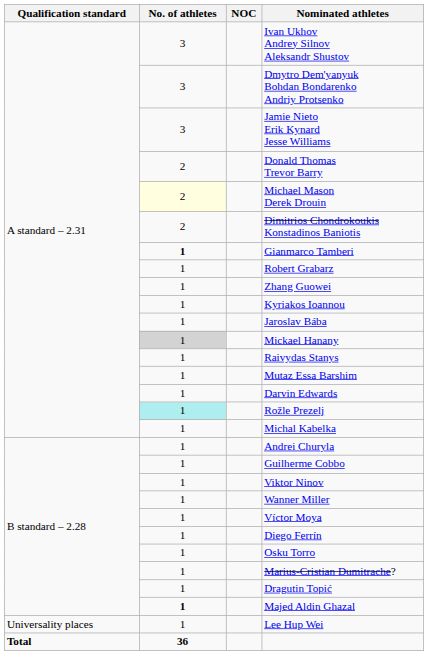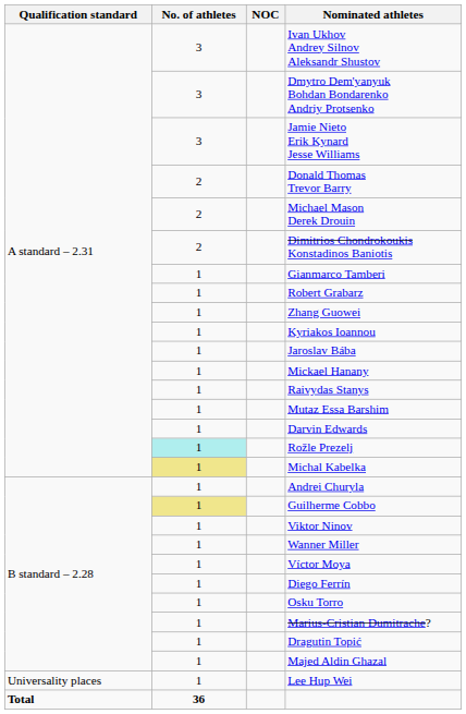 <table class="wikitable"  style="text-align:left; width:600px;">
 <tr>
 <th>Qualification standard</th>
 <th>No. of athletes</th>
 <th>NOC</th>
 <th>Nominated athletes</th>
 </tr>
 <tr>
 <td rowspan="17">A standard – 2.31</td>
 <td align=center>3</td>
 <td></td>
 <td><a href='#'>Ivan Ukhov</a><br><a href='#'>Andrey Silnov</a><br><a href='#'>Aleksandr Shustov</a></td>
 </tr>
 <tr>
 <td align=center>3</td>
 <td></td>
 <td><a href='#'>Dmytro Dem'yanyuk</a><br><a href='#'>Bohdan Bondarenko</a><br><a href='#'>Andriy Protsenko</a></td>
 </tr>
 <tr>
 <td align=center>3</td>
 <td></td>
 <td><a href='#'>Jamie Nieto</a><br><a href='#'>Erik Kynard</a><br><a href='#'>Jesse Williams</a></td>
 </tr>
 <tr>
 <td align=center>2</td>
 <td></td>
 <td><a href='#'>Donald Thomas</a><br><a href='#'>Trevor Barry</a></td>
 </tr>
 <tr>
-<td align=center style="background: lightyellow;">2</td>
+<td align=center>2</td>
 <td></td>
 <td><a href='#'>Michael Mason</a><br><a href='#'>Derek Drouin</a></td>
 </tr>
 <tr>
 <td align=center>2</td>
 <td></td>
 <td><s><a href='#'>Dimitrios Chondrokoukis</a></s><br><a href='#'>Konstadinos Baniotis</a></td>
 </tr>
 <tr>
-<td align=center><strong>1</strong></td>
+<td align=center>1</td>
 <td></td>
 <td><a href='#'>Gianmarco Tamberi</a></td>
 </tr>
 <tr>
 <td align=center>1</td>
 <td></td>
 <td><a href='#'>Robert Grabarz</a></td>
 </tr>
 <tr>
 <td align=center>1</td>
 <td></td>
 <td><a href='#'>Zhang Guowei</a></td>
 </tr>
 <tr>
 <td align=center>1</td>
 <td></td>
 <td><a href='#'>Kyriakos Ioannou</a></td>
 </tr>
 <tr>
 <td align=center>1</td>
 <td></td>
 <td><a href='#'>Jaroslav Bába</a></td>
 </tr>
 <tr>
-<td align=center style="background: lightgrey;">1</td>
+<td align=center>1</td>
 <td></td>
 <td><a href='#'>Mickael Hanany</a></td>
 </tr>
 <tr>
 <td align=center>1</td>
 <td></td>
 <td><a href='#'>Raivydas Stanys</a></td>
 </tr>
 <tr>
 <td align=center>1</td>
 <td></td>
 <td><a href='#'>Mutaz Essa Barshim</a></td>
 </tr>
 <tr>
 <td align=center>1</td>
 <td></td>
 <td><a href='#'>Darvin Edwards</a></td>
 </tr>
 <tr>
 <td align=center style="background: paleturquoise;">1</td>
 <td></td>
 <td><a href='#'>Rožle Prezelj</a></td>
 </tr>
 <tr>
-<td align=center>1</td>
+<td align=center style="background: khaki;">1</td>
 <td></td>
 <td><a href='#'>Michal Kabelka</a></td>
 </tr>
 <tr>
 <td rowspan="10">B standard – 2.28</td>
 <td align=center>1</td>
 <td></td>
 <td><a href='#'>Andrei Churyla</a></td>
 </tr>
 <tr>
-<td align=center>1</td>
+<td align=center style="background: khaki;">1</td>
 <td></td>
 <td><a href='#'>Guilherme Cobbo</a></td>
 </tr>
 <tr>
 <td align=center>1</td>
 <td></td>
 <td><a href='#'>Viktor Ninov</a></td>
 </tr>
 <tr>
 <td align=center>1</td>
 <td></td>
 <td><a href='#'>Wanner Miller</a></td>
 </tr>
 <tr>
 <td align=center>1</td>
 <td></td>
 <td><a href='#'>Víctor Moya</a></td>
 </tr>
 <tr>
 <td align=center>1</td>
 <td></td>
 <td><a href='#'>Diego Ferrín</a></td>
 </tr>
 <tr>
 <td align=center>1</td>
 <td></td>
 <td><a href='#'>Osku Torro</a></td>
 </tr>
 <tr>
 <td align=center>1</td>
 <td></td>
 <td><s><a href='#'>Marius-Cristian Dumitrache</a></s>?</td>
 </tr>
 <tr>
 <td align=center>1</td>
 <td></td>
 <td><a href='#'>Dragutin Topić</a></td>
 </tr>
 <tr>
-<td align=center><strong>1</strong></td>
+<td align=center>1</td>
 <td></td>
 <td><a href='#'>Majed Aldin Ghazal</a></td>
 </tr>
 <tr>
 <td>Universality places</td>
 <td align=center>1</td>
 <td></td>
 <td><a href='#'>Lee Hup Wei</a></td>
 </tr>
 <tr>
 <td><strong>Total</strong></td>
 <td align=center><strong>36</strong></td>
 <td></td>
 <td></td>
 </tr>
 </table>
